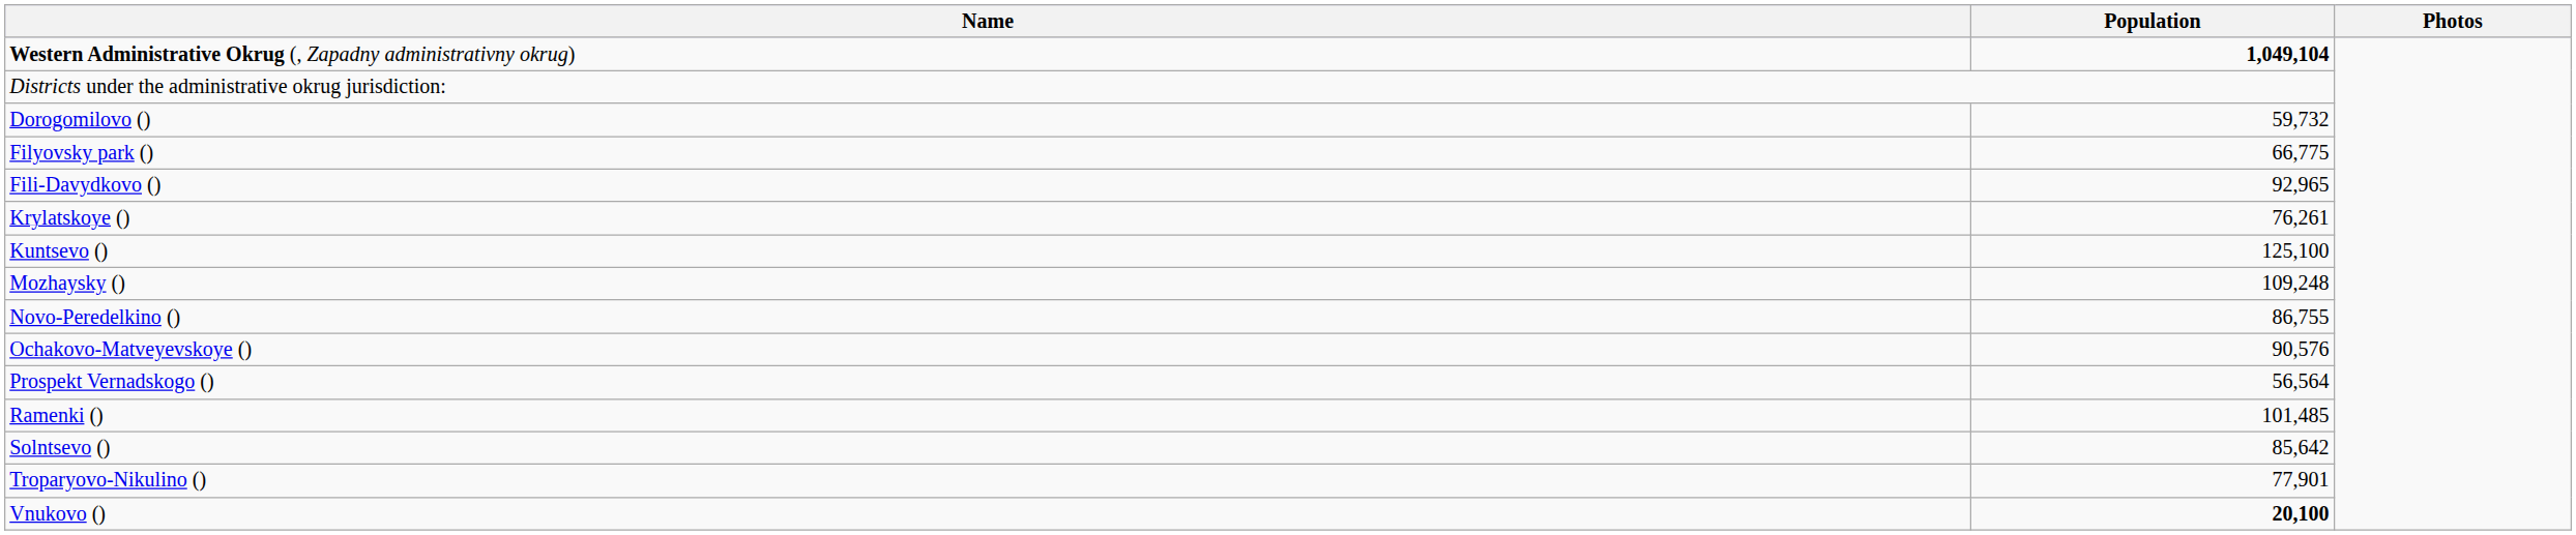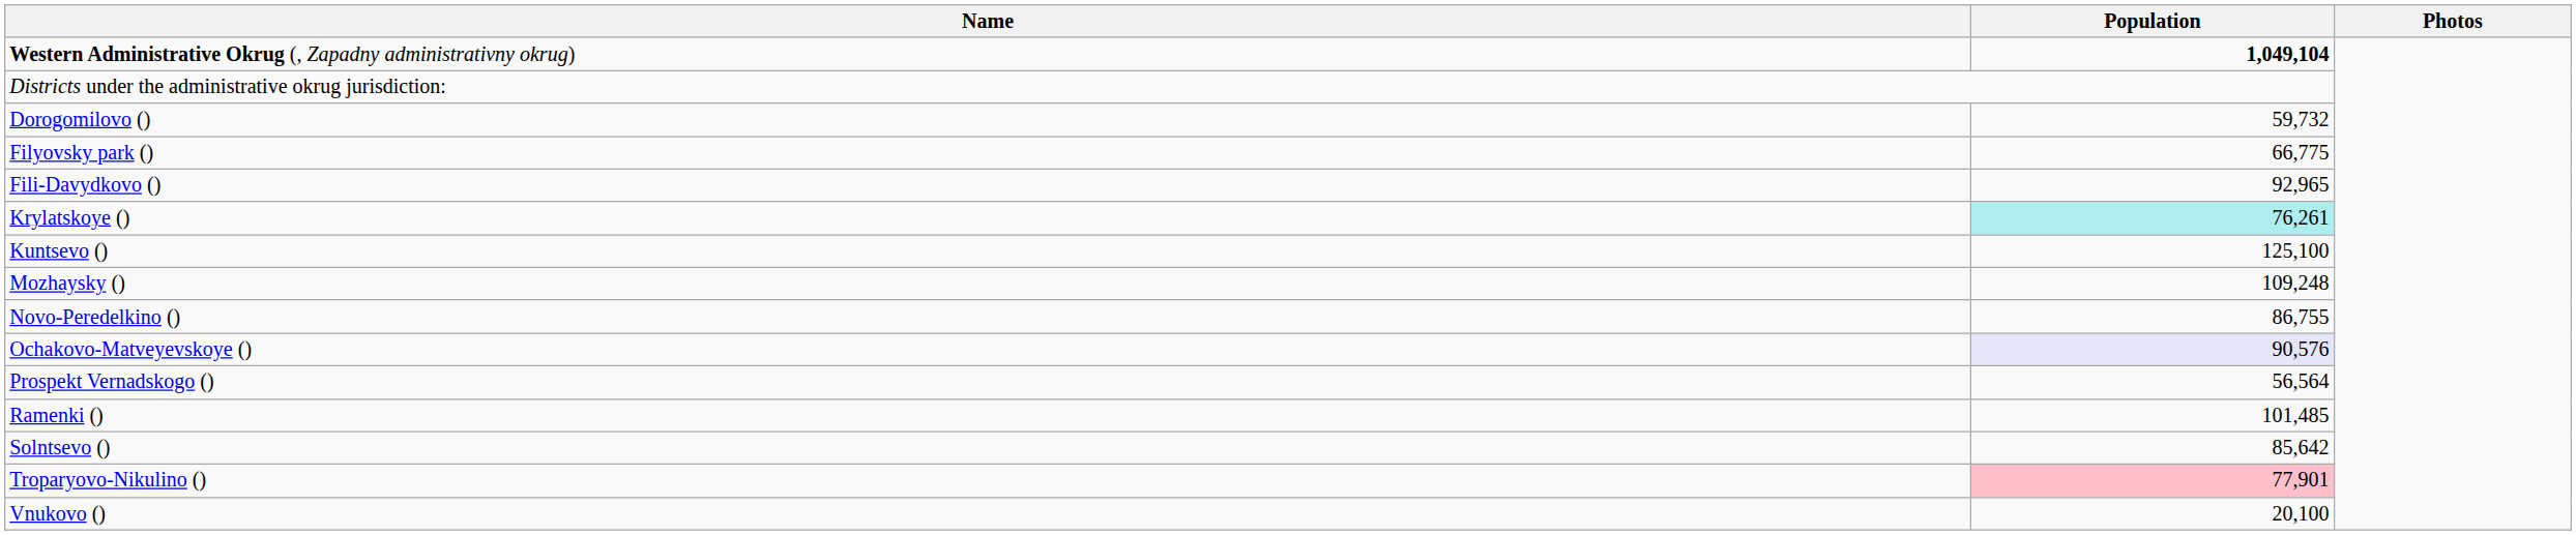 <table width=100% class="wikitable">
 <tr bgcolor="#CCCCFF" align="left">
 <th>Name</th>
 <th>Population</th>
 <th>Photos</th>
 </tr>
 <tr>
 <td><strong>Western Administrative Okrug</strong> (, <em>Zapadny administrativny okrug</em>)</td>
 <td align="right"><strong>1,049,104</strong></td>
 <td rowspan=15></td>
 </tr>
 <tr>
 <td colspan=2><em>Districts</em> under the administrative okrug jurisdiction:</td>
 </tr>
 <tr>
 <td><a href='#'>Dorogomilovo</a> ()</td>
 <td align="right">59,732</td>
 </tr>
 <tr>
 <td><a href='#'>Filyovsky park</a> ()</td>
 <td align="right">66,775</td>
 </tr>
 <tr>
 <td><a href='#'>Fili-Davydkovo</a> ()</td>
 <td align="right">92,965</td>
 </tr>
 <tr>
 <td><a href='#'>Krylatskoye</a> ()</td>
-<td align="right">76,261</td>
+<td align="right" style="background: paleturquoise;">76,261</td>
 </tr>
 <tr>
 <td><a href='#'>Kuntsevo</a> ()</td>
 <td align="right">125,100</td>
 </tr>
 <tr>
 <td><a href='#'>Mozhaysky</a> ()</td>
 <td align="right">109,248</td>
 </tr>
 <tr>
 <td><a href='#'>Novo-Peredelkino</a> ()</td>
 <td align="right">86,755</td>
 </tr>
 <tr>
 <td><a href='#'>Ochakovo-Matveyevskoye</a> ()</td>
-<td align="right">90,576</td>
+<td align="right" style="background: lavender;">90,576</td>
 </tr>
 <tr>
 <td><a href='#'>Prospekt Vernadskogo</a> ()</td>
 <td align="right">56,564</td>
 </tr>
 <tr>
 <td><a href='#'>Ramenki</a> ()</td>
 <td align="right">101,485</td>
 </tr>
 <tr>
 <td><a href='#'>Solntsevo</a> ()</td>
 <td align="right">85,642</td>
 </tr>
 <tr>
 <td><a href='#'>Troparyovo-Nikulino</a> ()</td>
-<td align="right">77,901</td>
+<td align="right" style="background: pink;">77,901</td>
 </tr>
 <tr>
 <td><a href='#'>Vnukovo</a> ()</td>
-<td align="right"><strong>20,100</strong></td>
+<td align="right">20,100</td>
 </tr>
 </table>
